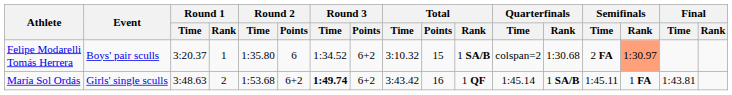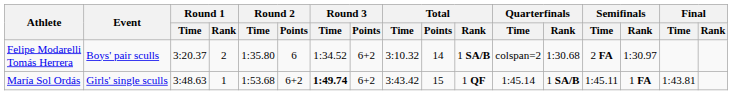 <table class="wikitable" style="font-size:90%">
 <tr>
 <th rowspan="2">Athlete</th>
 <th rowspan="2">Event</th>
 <th colspan="2">Round 1</th>
 <th colspan="2">Round 2</th>
 <th colspan="2">Round 3</th>
 <th colspan="3">Total</th>
 <th colspan="2">Quarterfinals</th>
 <th colspan="2">Semifinals</th>
 <th colspan="2">Final</th>
 </tr>
 <tr style="font-size:95%">
 <th>Time</th>
 <th>Rank</th>
 <th>Time</th>
 <th>Points</th>
 <th>Time</th>
 <th>Points</th>
 <th>Time</th>
 <th>Points</th>
 <th>Rank</th>
 <th>Time</th>
 <th>Rank</th>
 <th>Time</th>
 <th>Rank</th>
 <th>Time</th>
 <th>Rank</th>
 </tr>
 <tr align=center>
 <td align=left><a href='#'>Felipe Modarelli</a><br><a href='#'>Tomás Herrera</a></td>
 <td align=left><a href='#'>Boys' pair sculls</a></td>
 <td>3:20.37</td>
-<td>1</td>
+<td>2</td>
 <td>1:35.80</td>
 <td>6</td>
 <td>1:34.52</td>
 <td>6+2</td>
 <td>3:10.32</td>
-<td>15</td>
+<td>14</td>
 <td>1 <strong>SA/B</strong></td>
 <td>colspan=2 </td>
 <td>1:30.68</td>
 <td>2 <strong>FA</strong></td>
-<td style="background: lightsalmon;">1:30.97</td>
+<td>1:30.97</td>
 <td></td>
 </tr>
 <tr align=center>
 <td align=left><a href='#'>María Sol Ordás</a></td>
 <td align=left><a href='#'>Girls' single sculls</a></td>
 <td>3:48.63</td>
-<td>2</td>
+<td>1</td>
 <td>1:53.68</td>
 <td>6+2</td>
 <td><strong>1:49.74</strong></td>
 <td>6+2</td>
 <td>3:43.42</td>
-<td>16</td>
+<td>15</td>
 <td>1 <strong>QF</strong></td>
 <td>1:45.14</td>
 <td>1 <strong>SA/B</strong></td>
 <td>1:45.11</td>
 <td>1 <strong>FA</strong></td>
 <td>1:43.81</td>
 <td></td>
 </tr>
 </table>
